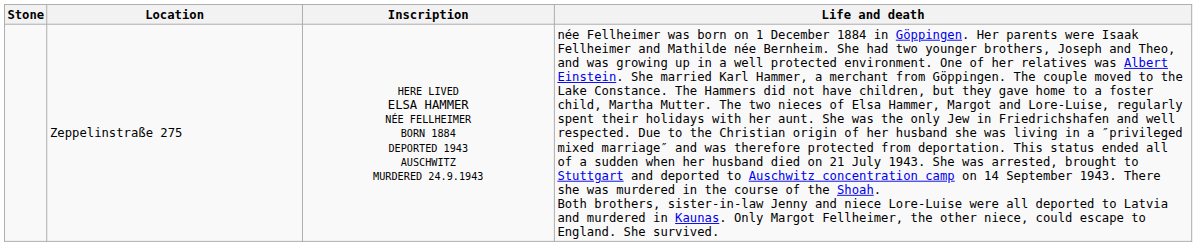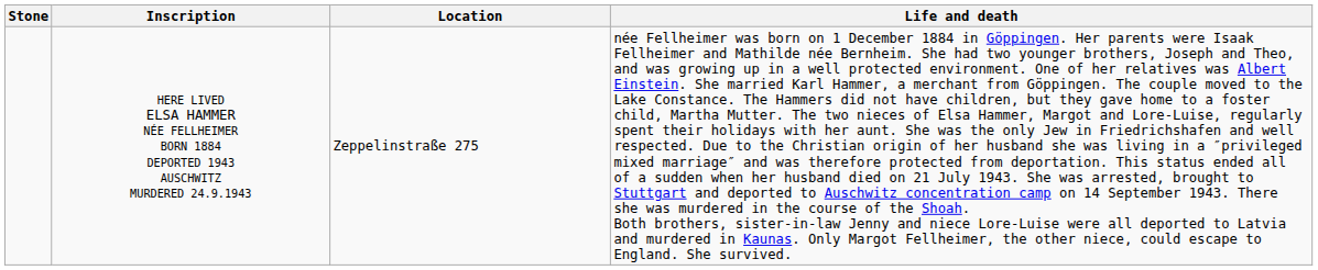 <table class="wikitable sortable toptextcells" style="width:100%">
 <tr>
 <th class="hintergrundfarbe6 unsortable" width="120px">Stone</th>
+<th class="hintergrundfarbe6 unsortable" style ="width:22%;">Inscription</th>
 <th class="hintergrundfarbe6" data-sort-type="text" style ="width:22%;">Location</th>
-<th class="hintergrundfarbe6 unsortable" style ="width:22%;">Inscription</th>
 <th class="hintergrundfarbe6" style="width:100%;">Life and death</th>
 </tr>
 <tr>
 <td></td>
+<td style="text-align:center"><div><small>HERE LIVED</small><br>ELSA HAMMER<br><small>NÉE FELLHEIMER<br>BORN 1884<br>DEPORTED 1943<br>AUSCHWITZ<br>MURDERED 24.9.1943</small></div></td>
 <td>Zeppelinstraße 275<br></td>
-<td style="text-align:center"><div><small>HERE LIVED</small><br>ELSA HAMMER<br><small>NÉE FELLHEIMER<br>BORN 1884<br>DEPORTED 1943<br>AUSCHWITZ<br>MURDERED 24.9.1943</small></div></td>
 <td><strong></strong> née Fellheimer was born on 1 December 1884 in <a href='#'>Göppingen</a>. Her parents were Isaak Fellheimer and Mathilde née Bernheim. She had two younger brothers, Joseph and Theo, and was growing up in a well protected environment. One of her relatives was <a href='#'>Albert Einstein</a>. She married Karl Hammer, a merchant from Göppingen. The couple moved to the Lake Constance. The Hammers did not have children, but they gave home to a foster child, Martha Mutter. The two nieces of Elsa Hammer, Margot and Lore-Luise, regularly spent their holidays with her aunt. She was the only Jew in Friedrichshafen and well respected. Due to the Christian origin of her husband she was living in a ″privileged mixed marriage″ and was therefore protected from deportation. This status ended all of a sudden when her husband died on 21 July 1943. She was arrested, brought to <a href='#'>Stuttgart</a> and deported to <a href='#'>Auschwitz concentration camp</a> on 14 September 1943. There she was murdered in the course of the <a href='#'>Shoah</a>.<br>Both brothers, sister-in-law Jenny and niece Lore-Luise were all deported to Latvia and murdered in <a href='#'>Kaunas</a>. Only Margot Fellheimer, the other niece, could escape to England. She survived.</td>
 </tr>
 </table>
